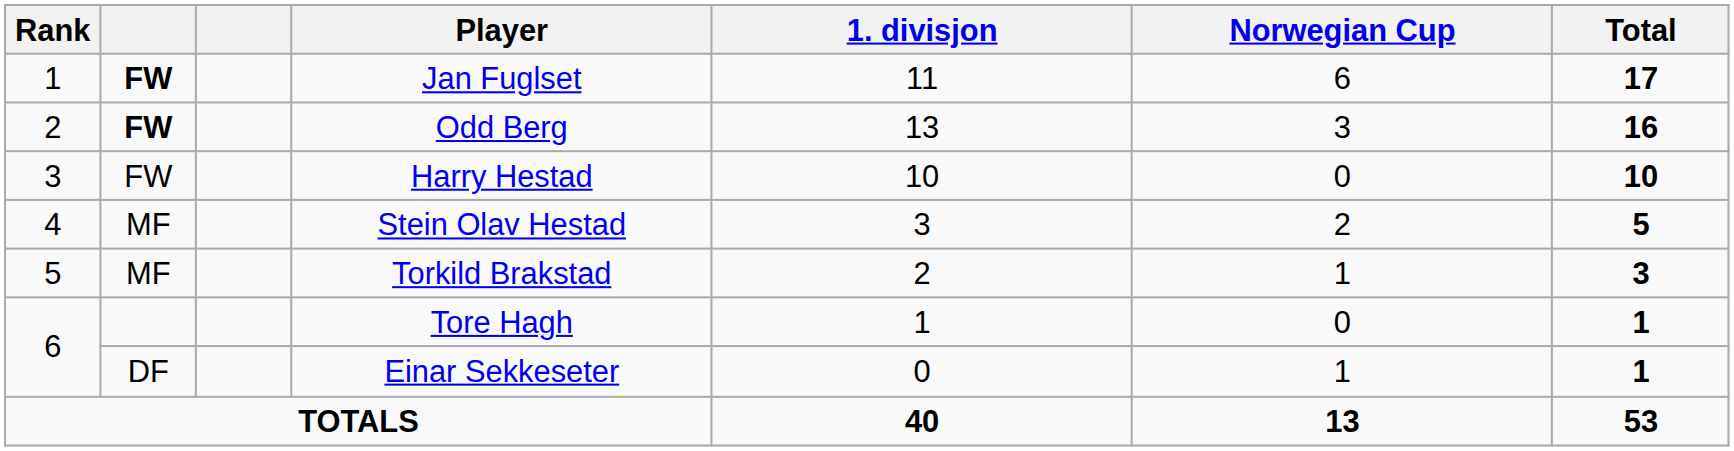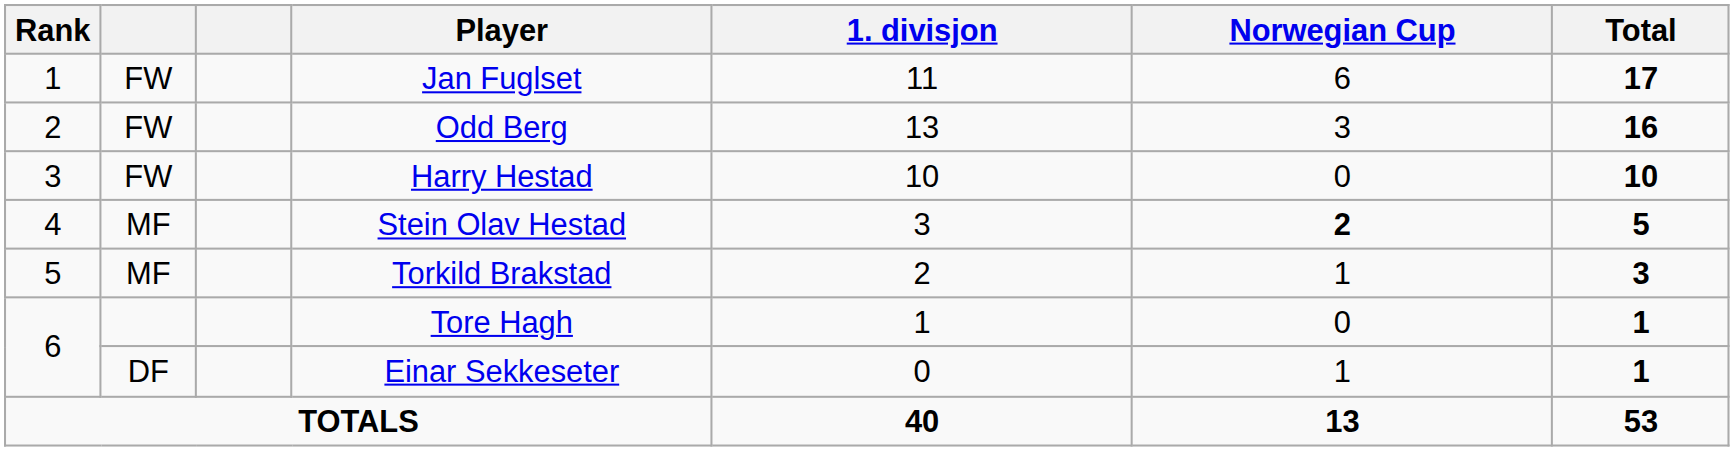 <table class="wikitable" style="font-size: 95%; text-align: center;">
 <tr>
 <th width=40>Rank</th>
 <th width=40></th>
 <th width=40></th>
 <th width=200>Player</th>
 <th width=200><a href='#'>1. divisjon</a></th>
 <th width=200><a href='#'>Norwegian Cup</a></th>
 <th width=80><strong>Total</strong></th>
 </tr>
 <tr>
 <td>1</td>
-<td><strong>FW</strong></td>
+<td>FW</td>
 <td></td>
 <td><a href='#'>Jan Fuglset</a></td>
 <td>11</td>
 <td>6</td>
 <td><strong>17</strong></td>
 </tr>
 <tr>
 <td>2</td>
-<td><strong>FW</strong></td>
+<td>FW</td>
 <td></td>
 <td><a href='#'>Odd Berg</a></td>
 <td>13</td>
 <td>3</td>
 <td><strong>16</strong></td>
 </tr>
 <tr>
 <td>3</td>
 <td>FW</td>
 <td></td>
 <td><a href='#'>Harry Hestad</a></td>
 <td>10</td>
 <td>0</td>
 <td><strong>10</strong></td>
 </tr>
 <tr>
 <td>4</td>
 <td>MF</td>
 <td></td>
 <td><a href='#'>Stein Olav Hestad</a></td>
 <td>3</td>
-<td>2</td>
+<td><strong>2</strong></td>
 <td><strong>5</strong></td>
 </tr>
 <tr>
 <td>5</td>
 <td>MF</td>
 <td></td>
 <td><a href='#'>Torkild Brakstad</a></td>
 <td>2</td>
 <td>1</td>
 <td><strong>3</strong></td>
 </tr>
 <tr>
 <td rowspan="2">6</td>
 <td></td>
 <td></td>
 <td><a href='#'>Tore Hagh</a></td>
 <td>1</td>
 <td>0</td>
 <td><strong>1</strong></td>
 </tr>
 <tr>
 <td>DF</td>
 <td></td>
 <td><a href='#'>Einar Sekkeseter</a></td>
 <td>0</td>
 <td>1</td>
 <td><strong>1</strong></td>
 </tr>
 <tr>
 <td colspan="4"><strong>TOTALS</strong></td>
 <td><strong>40</strong></td>
 <td><strong>13</strong></td>
 <td><strong>53</strong></td>
 </tr>
 </table>
